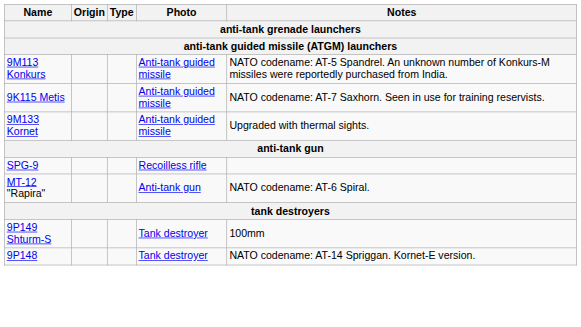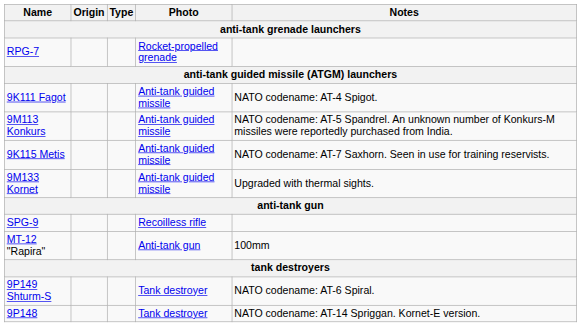 <table class="wikitable">
 <tr>
 <th style="text-align: width:13%;">Name</th>
 <th style="text-align: width:11%;">Origin</th>
 <th style="text-align: width:18%;">Type</th>
 <th style="text-align: width:9%; ">Photo</th>
 <th style="text-align: width:48%;">Notes</th>
 </tr>
 <tr>
 <th colspan="5">anti-tank grenade launchers</th>
 </tr>
 <tr>
+<td><a href='#'>RPG-7</a></td>
+<td></td>
+<td><br></td>
+<td><a href='#'>Rocket-propelled grenade</a></td>
+<td></td>
+</tr>
+<tr>
 <th colspan="5" style="align: center;">anti-tank guided missile (ATGM) launchers</th>
+</tr>
+<tr>
+<td><a href='#'>9K111 Fagot</a></td>
+<td></td>
+<td></td>
+<td><a href='#'>Anti-tank guided missile</a></td>
+<td>NATO codename: AT-4 Spigot.</td>
 </tr>
 <tr>
 <td><a href='#'>9M113 Konkurs</a></td>
 <td></td>
 <td></td>
 <td><a href='#'>Anti-tank guided missile</a></td>
 <td>NATO codename: AT-5 Spandrel. An unknown number of Konkurs-M missiles were reportedly purchased from India.</td>
 </tr>
 <tr>
 <td><a href='#'>9K115 Metis</a></td>
 <td></td>
 <td></td>
 <td><a href='#'>Anti-tank guided missile</a></td>
 <td>NATO codename: AT-7 Saxhorn. Seen in use for training reservists.</td>
 </tr>
 <tr>
 <td><a href='#'>9M133 Kornet</a></td>
 <td></td>
 <td></td>
 <td><a href='#'>Anti-tank guided missile</a></td>
 <td>Upgraded with thermal sights.</td>
 </tr>
 <tr>
 <th colspan="5">anti-tank gun</th>
 </tr>
 <tr>
 <td><a href='#'>SPG-9</a></td>
 <td></td>
 <td></td>
 <td><a href='#'>Recoilless rifle</a></td>
 <td></td>
 </tr>
 <tr>
 <td><a href='#'>MT-12</a> "Rapira"</td>
 <td></td>
 <td></td>
 <td><a href='#'>Anti-tank gun</a></td>
-<td>NATO codename: AT-6 Spiral.</td>
+<td>100mm</td>
 </tr>
 <tr>
 <th colspan="5">tank destroyers</th>
 </tr>
 <tr>
 <td><a href='#'>9P149 Shturm-S</a></td>
 <td></td>
 <td></td>
 <td><a href='#'>Tank destroyer</a></td>
-<td>100mm</td>
+<td>NATO codename: AT-6 Spiral.</td>
 </tr>
 <tr>
 <td><a href='#'>9P148</a></td>
 <td></td>
 <td></td>
 <td><a href='#'>Tank destroyer</a></td>
 <td>NATO codename: AT-14 Spriggan. Kornet-E version.</td>
 </tr>
 </table>
